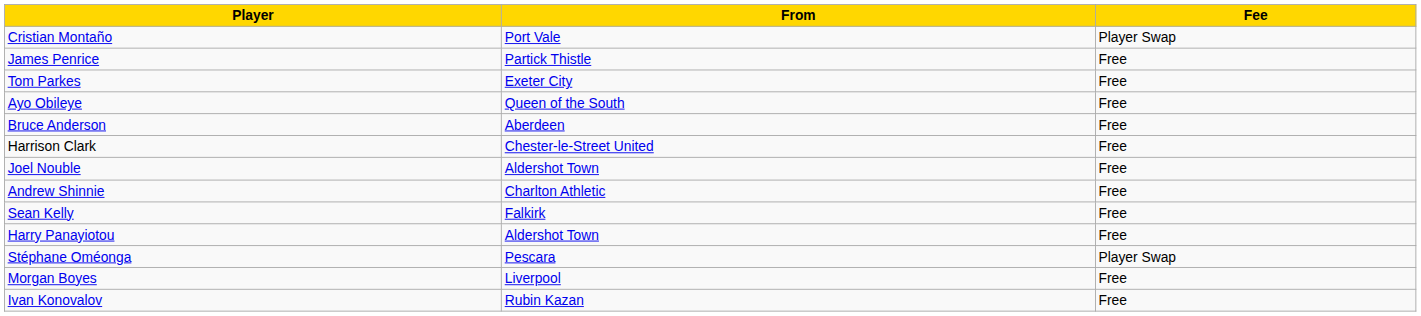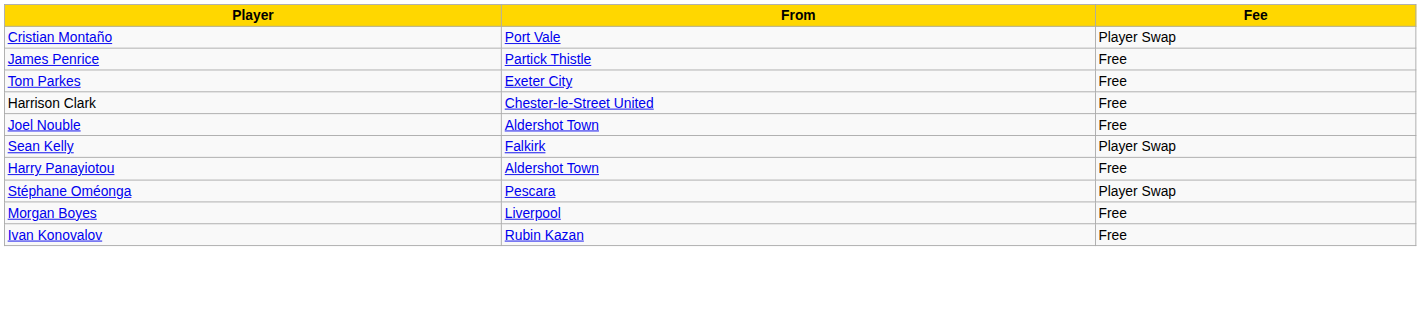 <table class="wikitable" style="text-align:left; font-size:95%;width:98%;">
 <tr>
 <th style="background:gold; color:black;”">Player</th>
 <th style="background:gold; color:black;”">From</th>
 <th style="background:gold; color:black;”">Fee</th>
 </tr>
 <tr>
 <td> <a href='#'>Cristian Montaño</a></td>
 <td> <a href='#'>Port Vale</a></td>
 <td>Player Swap</td>
 </tr>
 <tr>
 <td> <a href='#'>James Penrice</a></td>
 <td> <a href='#'>Partick Thistle</a></td>
 <td>Free</td>
 </tr>
 <tr>
 <td> <a href='#'>Tom Parkes</a></td>
 <td> <a href='#'>Exeter City</a></td>
 <td>Free</td>
 </tr>
 <tr>
-<td> <a href='#'>Ayo Obileye</a></td>
-<td> <a href='#'>Queen of the South</a></td>
-<td>Free</td>
-</tr>
-<tr>
-<td> <a href='#'>Bruce Anderson</a></td>
-<td> <a href='#'>Aberdeen</a></td>
-<td>Free</td>
-</tr>
-<tr>
 <td> Harrison Clark</td>
 <td> <a href='#'>Chester-le-Street United</a></td>
 <td>Free</td>
 </tr>
 <tr>
 <td> <a href='#'>Joel Nouble</a></td>
 <td> <a href='#'>Aldershot Town</a></td>
 <td>Free</td>
 </tr>
 <tr>
-<td> <a href='#'>Andrew Shinnie</a></td>
-<td> <a href='#'>Charlton Athletic</a></td>
-<td>Free</td>
-</tr>
-<tr>
 <td> <a href='#'>Sean Kelly</a></td>
 <td> <a href='#'>Falkirk</a></td>
-<td>Free</td>
+<td>Player Swap</td>
 </tr>
 <tr>
 <td> <a href='#'>Harry Panayiotou</a></td>
 <td> <a href='#'>Aldershot Town</a></td>
 <td>Free</td>
 </tr>
 <tr>
 <td> <a href='#'>Stéphane Oméonga</a></td>
 <td> <a href='#'>Pescara</a></td>
 <td>Player Swap</td>
 </tr>
 <tr>
 <td> <a href='#'>Morgan Boyes</a></td>
 <td> <a href='#'>Liverpool</a></td>
 <td>Free</td>
 </tr>
 <tr>
 <td> <a href='#'>Ivan Konovalov</a></td>
 <td> <a href='#'>Rubin Kazan</a></td>
 <td>Free</td>
 </tr>
 </table>
